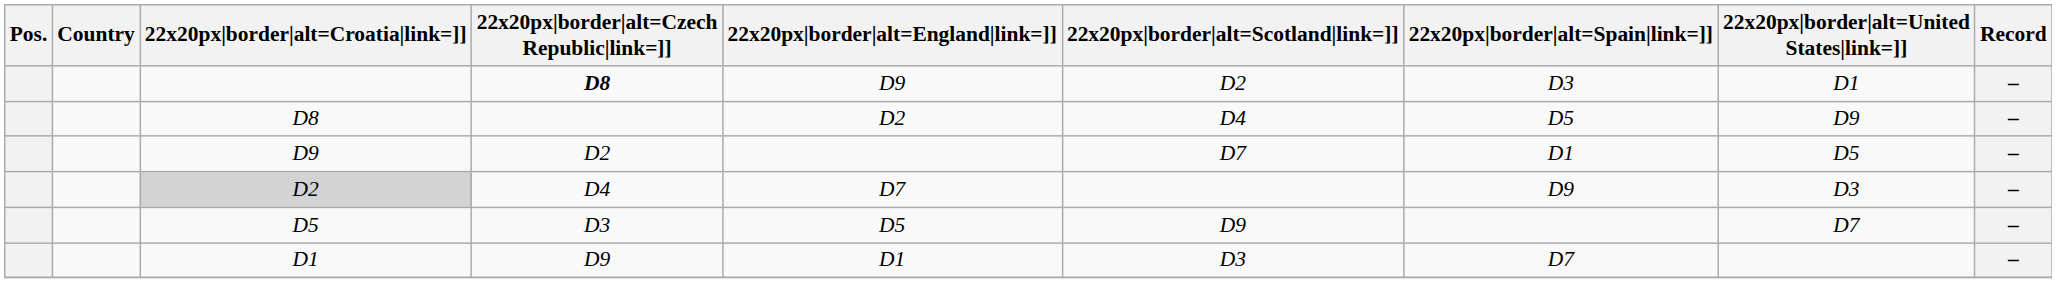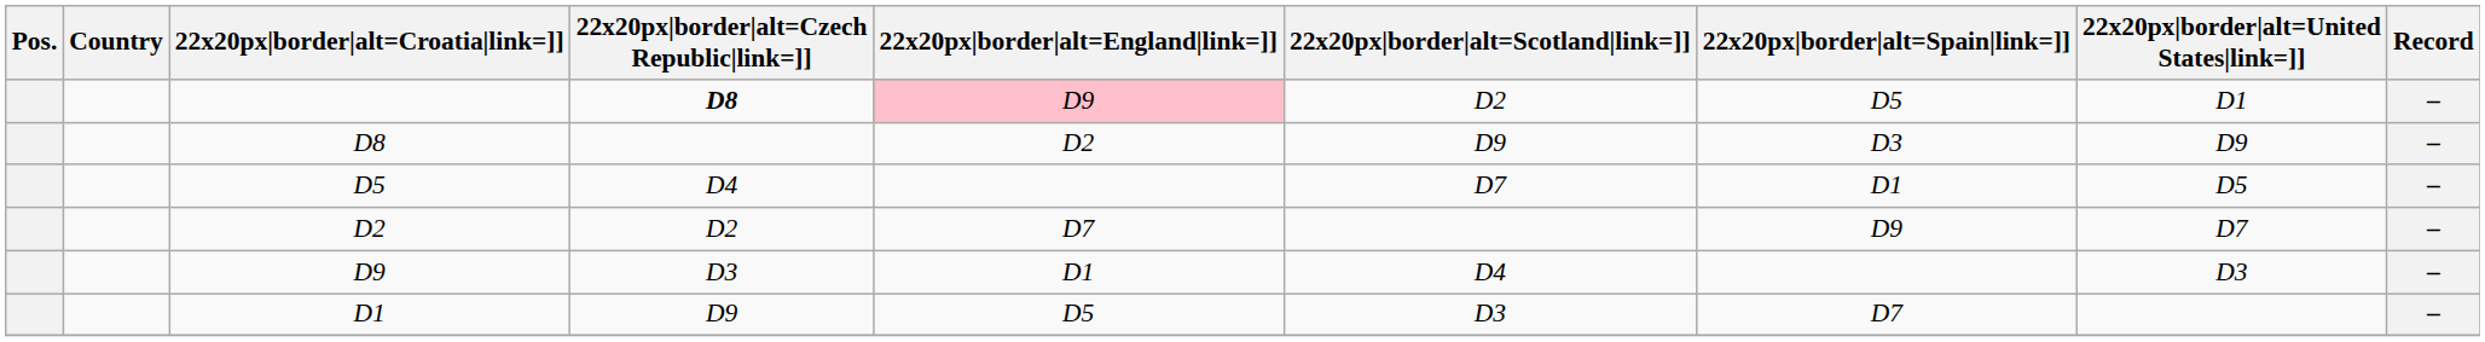 <table class="wikitable sortable nowrap" style="text-align:center; font-size:0.9em;">
 <tr>
 <th>Pos.</th>
 <th>Country</th>
 <th [[Image:>22x20px|border|alt=Croatia|link=]]</th>
 <th [[Image:>22x20px|border|alt=Czech Republic|link=]]</th>
 <th [[Image:>22x20px|border|alt=England|link=]]</th>
 <th [[Image:>22x20px|border|alt=Scotland|link=]]</th>
 <th [[Image:>22x20px|border|alt=Spain|link=]]</th>
 <th [[Image:>22x20px|border|alt=United States|link=]]</th>
 <th>Record</th>
 </tr>
 <tr>
 <th></th>
 <td style="text-align:left;"></td>
 <td> </td>
 <td><strong><em>D8</em> </strong></td>
-<td><em>D9</em> </td>
+<td style="background: pink;"><em>D9</em> </td>
 <td><em>D2</em> </td>
-<td><em>D3</em> </td>
+<td><em>D5</em> </td>
 <td><em>D1</em> </td>
 <th>–</th>
 </tr>
 <tr>
 <th></th>
 <td style="text-align:left;"></td>
 <td><em>D8</em> </td>
 <td> </td>
 <td><em>D2</em> </td>
-<td><em>D4</em> </td>
-<td><em>D5</em> </td>
+<td><em>D9</em> </td>
+<td><em>D3</em> </td>
 <td><em>D9</em> </td>
 <th>–</th>
 </tr>
 <tr>
 <th></th>
 <td style="text-align:left;"></td>
-<td><em>D9</em> </td>
-<td><em>D2</em> </td>
+<td><em>D5</em> </td>
+<td><em>D4</em> </td>
 <td> </td>
 <td><em>D7</em> </td>
 <td><em>D1</em> </td>
 <td><em>D5</em> </td>
 <th>–</th>
 </tr>
 <tr>
 <th></th>
 <td style="text-align:left;"></td>
-<td style="background: lightgrey;"><em>D2</em> </td>
-<td><em>D4</em> </td>
+<td><em>D2</em> </td>
+<td><em>D2</em> </td>
 <td><em>D7</em> </td>
 <td> </td>
 <td><em>D9</em> </td>
-<td><em>D3</em> </td>
+<td><em>D7</em> </td>
 <th>–</th>
 </tr>
 <tr>
 <th></th>
 <td style="text-align:left;"></td>
-<td><em>D5</em> </td>
+<td><em>D9</em> </td>
 <td><em>D3</em> </td>
-<td><em>D5</em> </td>
-<td><em>D9</em> </td>
+<td><em>D1</em> </td>
+<td><em>D4</em> </td>
 <td> </td>
-<td><em>D7</em> </td>
+<td><em>D3</em> </td>
 <th>–</th>
 </tr>
 <tr>
 <th></th>
 <td style="text-align:left;"></td>
 <td><em>D1</em> </td>
 <td><em>D9</em> </td>
-<td><em>D1</em> </td>
+<td><em>D5</em> </td>
 <td><em>D3</em> </td>
 <td><em>D7</em> </td>
 <td> </td>
 <th>–</th>
 </tr>
 <tr>
 </tr>
 </table>
